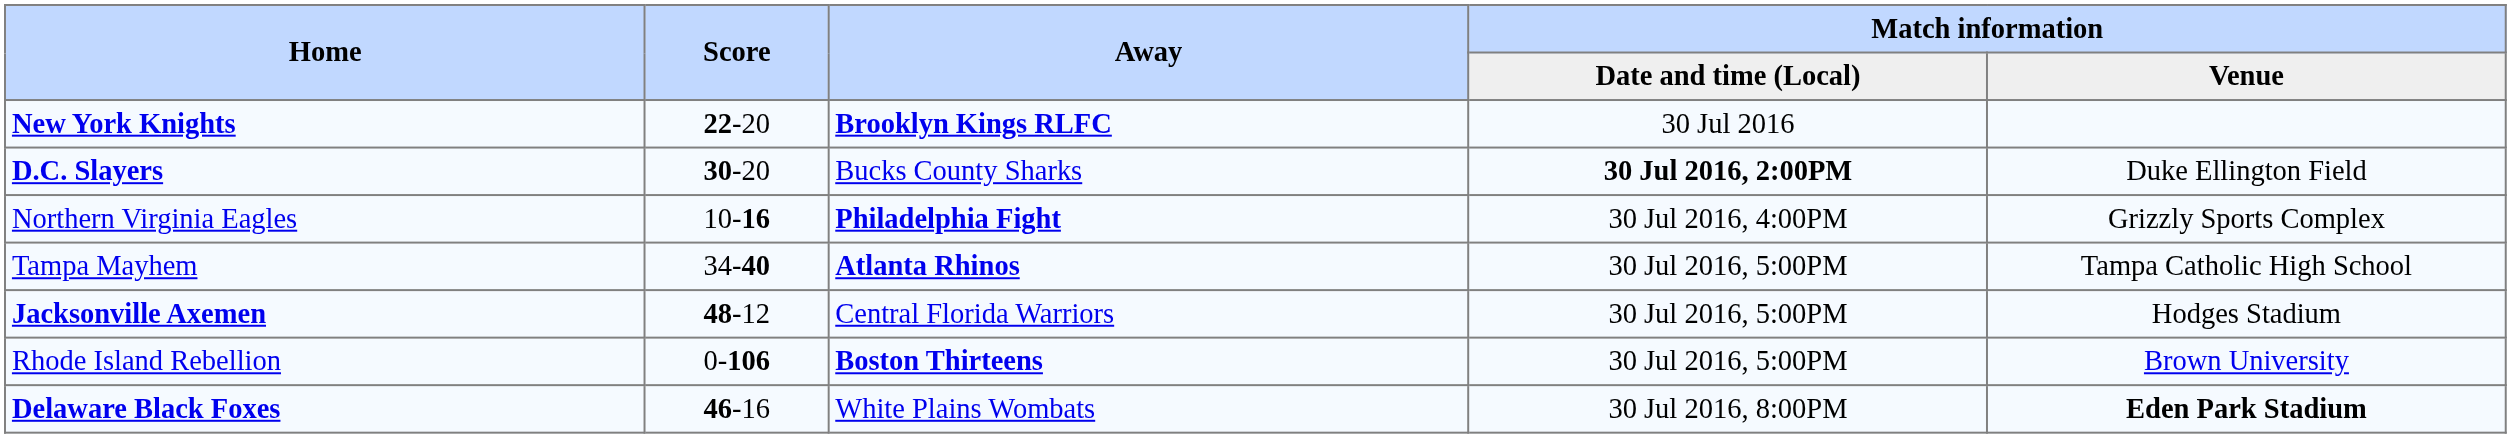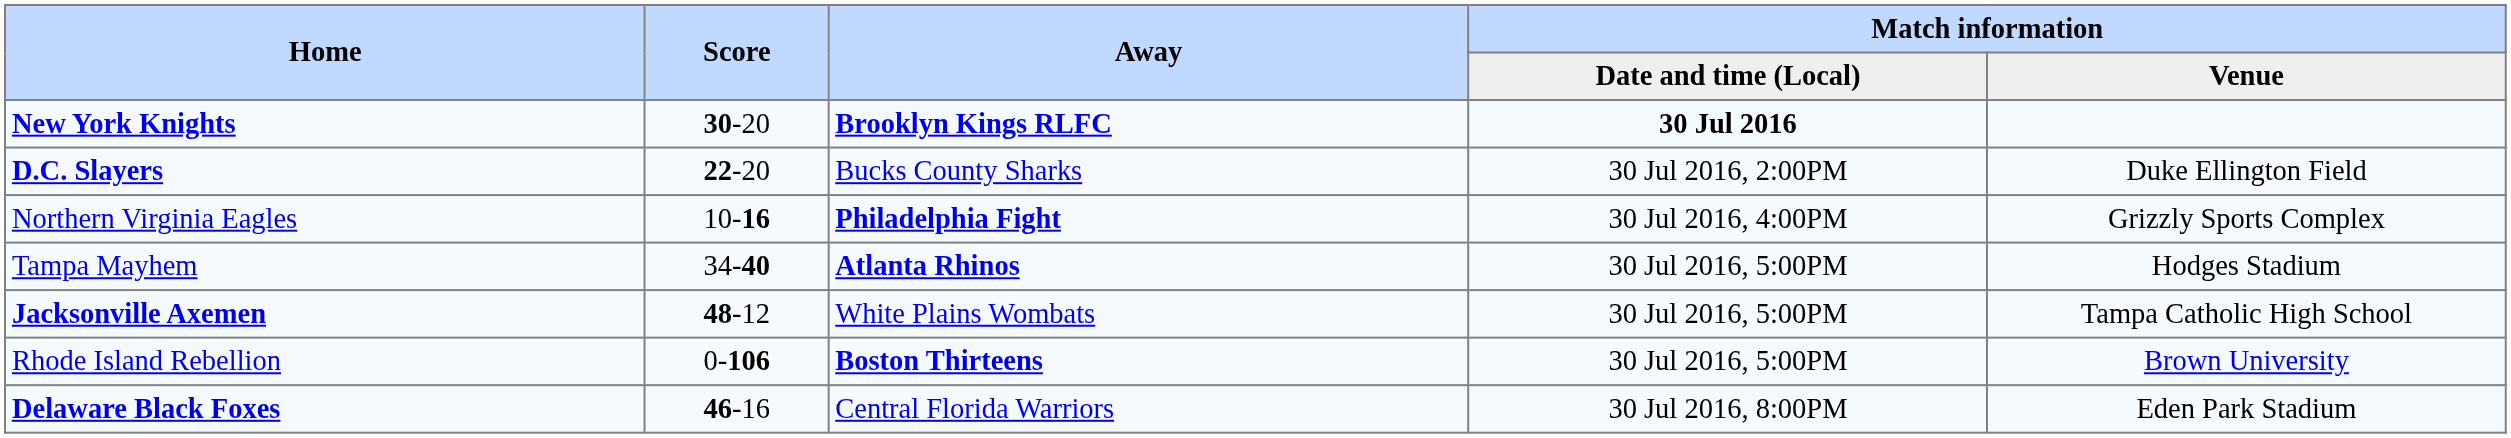 <table border="1" cellpadding="3" cellspacing="0" style="border-collapse:collapse; font-size:90%; width:100%">
 <tr style="background:#c1d8ff;">
 <th rowspan="2" style="width:21%;">Home</th>
 <th rowspan="2" style="width:6%;">Score</th>
 <th rowspan="2" style="width:21%;">Away</th>
 <th colspan=6>Match information</th>
 </tr>
 <tr style="background:#efefef;">
 <th width=17%>Date and time (Local)</th>
 <th style="width:17%;">Venue</th>
 </tr>
 <tr style="text-align:center; background:#f5faff;">
 <td style="text-align:left;"> <strong><a href='#'>New York Knights</a></strong></td>
-<td><strong>22</strong>-20</td>
+<td><strong>30</strong>-20</td>
 <td style="text-align:left;"><strong> <a href='#'>Brooklyn Kings RLFC</a></strong></td>
-<td>30 Jul 2016</td>
+<td><strong>30 Jul 2016</strong></td>
 <td></td>
 </tr>
 <tr style="text-align:center; background:#f5faff;">
 <td style="text-align:left;"> <strong><a href='#'>D.C. Slayers</a></strong></td>
-<td><strong>30</strong>-20</td>
+<td><strong>22</strong>-20</td>
 <td style="text-align:left;"> <a href='#'>Bucks County Sharks</a></td>
-<td><strong>30 Jul 2016, 2:00PM</strong></td>
+<td>30 Jul 2016, 2:00PM</td>
 <td>Duke Ellington Field</td>
 </tr>
 <tr style="text-align:center; background:#f5faff;">
 <td style="text-align:left;"> <a href='#'>Northern Virginia Eagles</a></td>
 <td>10-<strong>16</strong></td>
 <td style="text-align:left;"> <strong><a href='#'>Philadelphia Fight</a></strong></td>
 <td>30 Jul 2016, 4:00PM</td>
 <td>Grizzly Sports Complex</td>
 </tr>
 <tr style="text-align:center; background:#f5faff;">
 <td style="text-align:left;"> <a href='#'>Tampa Mayhem</a></td>
 <td>34-<strong>40</strong></td>
 <td style="text-align:left;"> <strong><a href='#'>Atlanta Rhinos</a></strong></td>
 <td>30 Jul 2016, 5:00PM</td>
-<td>Tampa Catholic High School</td>
+<td>Hodges Stadium</td>
 </tr>
 <tr style="text-align:center; background:#f5faff;">
 <td style="text-align:left;"> <strong><a href='#'>Jacksonville Axemen</a></strong></td>
 <td><strong>48</strong>-12</td>
-<td style="text-align:left;"> <a href='#'>Central Florida Warriors</a></td>
+<td style="text-align:left;"><a href='#'>White Plains Wombats</a></td>
 <td>30 Jul 2016, 5:00PM</td>
-<td>Hodges Stadium</td>
+<td>Tampa Catholic High School</td>
 </tr>
 <tr style="text-align:center; background:#f5faff;">
 <td style="text-align:left;"> <a href='#'>Rhode Island Rebellion</a></td>
 <td>0-<strong>106</strong></td>
 <td style="text-align:left;"> <strong><a href='#'>Boston Thirteens</a></strong></td>
 <td>30 Jul 2016, 5:00PM</td>
 <td><a href='#'>Brown University</a></td>
 </tr>
 <tr style="text-align:center; background:#f5faff;">
 <td style="text-align:left;"> <strong><a href='#'>Delaware Black Foxes</a></strong></td>
 <td><strong>46</strong>-16</td>
-<td style="text-align:left;"><a href='#'>White Plains Wombats</a></td>
+<td style="text-align:left;"> <a href='#'>Central Florida Warriors</a></td>
 <td>30 Jul 2016, 8:00PM</td>
-<td><strong>Eden Park Stadium</strong></td>
+<td>Eden Park Stadium</td>
 </tr>
 </table>
